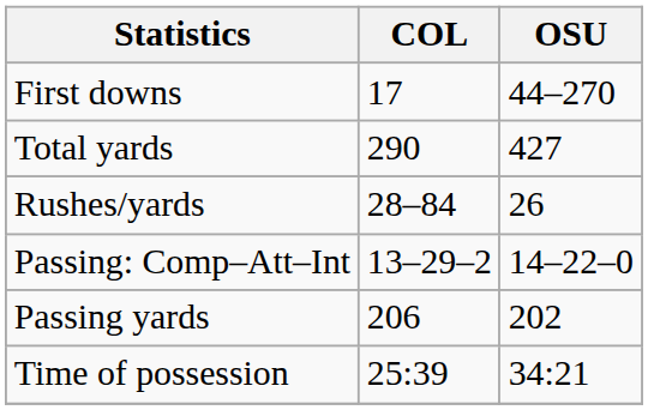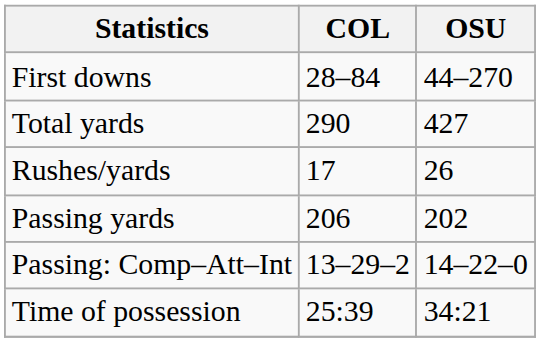 <table class="wikitable" style="float: left;">
 <tr>
 <th>Statistics</th>
 <th>COL</th>
 <th>OSU</th>
 </tr>
 <tr>
 <td>First downs</td>
-<td>17</td>
+<td>28–84</td>
 <td>44–270</td>
 </tr>
 <tr>
 <td>Total yards</td>
 <td>290</td>
 <td>427</td>
 </tr>
 <tr>
 <td>Rushes/yards</td>
-<td>28–84</td>
+<td>17</td>
 <td>26</td>
+</tr>
+<tr>
+<td>Passing yards</td>
+<td>206</td>
+<td>202</td>
 </tr>
 <tr>
 <td>Passing: Comp–Att–Int</td>
 <td>13–29–2</td>
 <td>14–22–0</td>
-</tr>
-<tr>
-<td>Passing yards</td>
-<td>206</td>
-<td>202</td>
 </tr>
 <tr>
 <td>Time of possession</td>
 <td>25:39</td>
 <td>34:21</td>
 </tr>
 <tr>
 </tr>
 </table>
